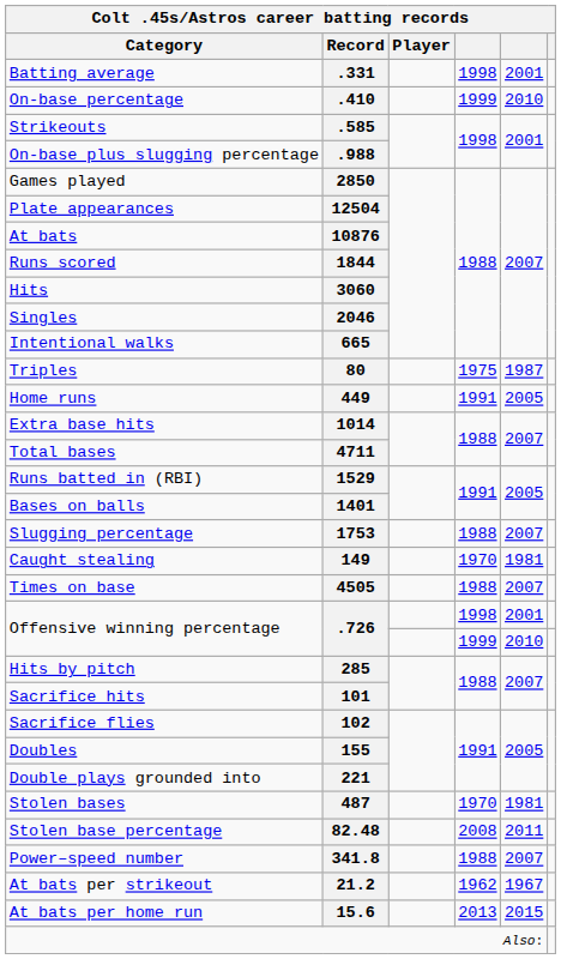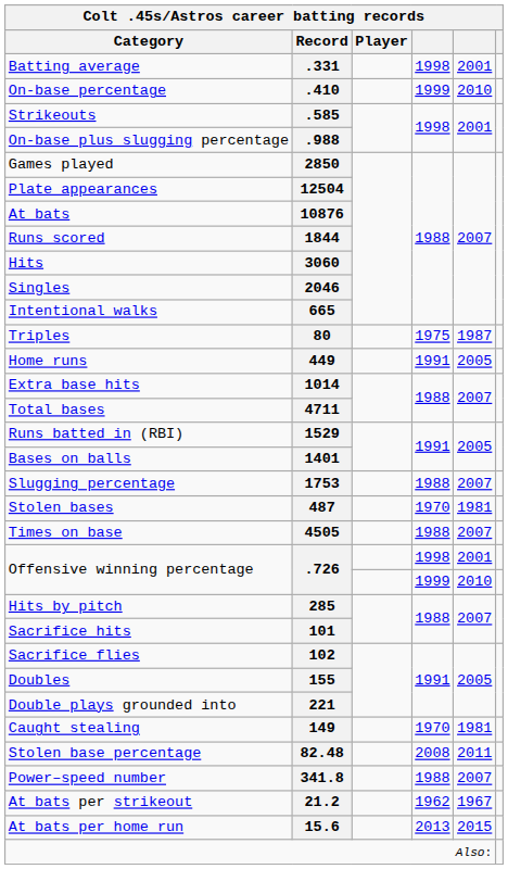 <table class="wikitable sortable" style="font-size: 90%">
 <tr>
 <th colspan=6><strong>Colt .45s/Astros career batting records</strong></th>
 </tr>
 <tr>
 <th>Category</th>
 <th>Record</th>
 <th align="center">Player</th>
 <th align="center"></th>
 <th align="center"></th>
 <th></th>
 </tr>
 <tr>
 <td><a href='#'>Batting average</a></td>
 <th align="center">.331</th>
 <td align="center"></td>
 <td align="center"><a href='#'>1998</a></td>
 <td align="center"><a href='#'>2001</a></td>
 <td align="center"></td>
 </tr>
 <tr>
 <td><a href='#'>On-base percentage</a></td>
 <th align="center">.410</th>
 <td align="center"></td>
 <td align="center"><a href='#'>1999</a></td>
 <td align="center"><a href='#'>2010</a></td>
 <td align="center"></td>
 </tr>
 <tr>
 <td><a href='#'>Strikeouts</a></td>
 <th align="center">.585</th>
 <td rowspan="2" align="center"></td>
 <td rowspan="2" align="center"><a href='#'>1998</a></td>
 <td rowspan="2" align="center"><a href='#'>2001</a></td>
 <td rowspan="2" align="center"></td>
 </tr>
 <tr>
 <td><a href='#'>On-base plus slugging</a> percentage</td>
 <th align="center">.988</th>
 </tr>
 <tr>
 <td>Games played</td>
 <th align="center">2850</th>
 <td rowspan="7" align="center"></td>
 <td rowspan="7" align="center"><a href='#'>1988</a></td>
 <td rowspan="7" align="center"><a href='#'>2007</a></td>
 <td rowspan="7" align="center"></td>
 </tr>
 <tr>
 <td><a href='#'>Plate appearances</a></td>
 <th align="center">12504</th>
 </tr>
 <tr>
 <td><a href='#'>At bats</a></td>
 <th align="center">10876</th>
 </tr>
 <tr>
 <td><a href='#'>Runs scored</a></td>
 <th align="center">1844</th>
 </tr>
 <tr>
 <td><a href='#'>Hits</a></td>
 <th align="center">3060</th>
 </tr>
 <tr>
 <td><a href='#'>Singles</a></td>
 <th align="center">2046</th>
 </tr>
 <tr>
 <td><a href='#'>Intentional walks</a></td>
 <th align="center">665</th>
 </tr>
 <tr>
 <td><a href='#'>Triples</a></td>
 <th align="center">80</th>
 <td align="center"></td>
 <td align="center"><a href='#'>1975</a></td>
 <td align="center"><a href='#'>1987</a></td>
 <td align="center"></td>
 </tr>
 <tr>
 <td><a href='#'>Home runs</a></td>
 <th align="center">449</th>
 <td align="center"></td>
 <td align="center"><a href='#'>1991</a></td>
 <td align="center"><a href='#'>2005</a></td>
 <td align="center"></td>
 </tr>
 <tr>
 <td><a href='#'>Extra base hits</a></td>
 <th align="center">1014</th>
 <td rowspan="2" align="center"></td>
 <td rowspan="2" align="center"><a href='#'>1988</a></td>
 <td rowspan="2" align="center"><a href='#'>2007</a></td>
 <td rowspan="2" align="center"></td>
 </tr>
 <tr>
 <td><a href='#'>Total bases</a></td>
 <th align="center">4711</th>
 </tr>
 <tr>
 <td><a href='#'>Runs batted in</a> (RBI)</td>
 <th align="center">1529</th>
 <td rowspan="2" align="center"></td>
 <td rowspan="2" align="center"><a href='#'>1991</a></td>
 <td rowspan="2" align="center"><a href='#'>2005</a></td>
 <td rowspan="2" align="center"></td>
 </tr>
 <tr>
 <td><a href='#'>Bases on balls</a></td>
 <th align="center">1401</th>
 </tr>
 <tr>
 <td><a href='#'>Slugging percentage</a></td>
 <th align="center">1753</th>
 <td align="center"></td>
 <td align="center"><a href='#'>1988</a></td>
 <td align="center"><a href='#'>2007</a></td>
 <td align="center"></td>
 </tr>
 <tr>
-<td><a href='#'>Caught stealing</a></td>
-<th align="center">149</th>
+<td><a href='#'>Stolen bases</a></td>
+<th align="center">487</th>
 <td align="center"></td>
 <td align="center"><a href='#'>1970</a></td>
 <td align="center"><a href='#'>1981</a></td>
 <td align="center"></td>
 </tr>
 <tr>
 <td><a href='#'>Times on base</a></td>
 <th align="center">4505</th>
 <td align="center"></td>
 <td align="center"><a href='#'>1988</a></td>
 <td align="center"><a href='#'>2007</a></td>
 <td align="center"></td>
 </tr>
 <tr>
 <td rowspan="2">Offensive winning percentage</td>
 <th align="center" rowspan="2">.726</th>
 <td align="center"></td>
 <td align="center"><a href='#'>1998</a></td>
 <td align="center"><a href='#'>2001</a></td>
 <td align="center"></td>
 </tr>
 <tr>
 <td align="center"></td>
 <td align="center"><a href='#'>1999</a></td>
 <td align="center"><a href='#'>2010</a></td>
 <td align="center"></td>
 </tr>
 <tr>
 <td><a href='#'>Hits by pitch</a></td>
 <th align="center">285</th>
 <td rowspan="2" align="center"></td>
 <td rowspan="2" align="center"><a href='#'>1988</a></td>
 <td rowspan="2" align="center"><a href='#'>2007</a></td>
 <td rowspan="2" align="center"></td>
 </tr>
 <tr>
 <td><a href='#'>Sacrifice hits</a></td>
 <th align="center">101</th>
 </tr>
 <tr>
 <td><a href='#'>Sacrifice flies</a></td>
 <th align="center">102</th>
 <td rowspan="3" align="center"></td>
 <td rowspan="3" align="center"><a href='#'>1991</a></td>
 <td rowspan="3" align="center"><a href='#'>2005</a></td>
 <td rowspan="3" align="center"></td>
 </tr>
 <tr>
 <td><a href='#'>Doubles</a></td>
 <th align="center">155</th>
 </tr>
 <tr>
 <td><a href='#'>Double plays</a> grounded into</td>
 <th align="center">221</th>
 </tr>
 <tr>
-<td><a href='#'>Stolen bases</a></td>
-<th align="center">487</th>
+<td><a href='#'>Caught stealing</a></td>
+<th align="center">149</th>
 <td align="center"></td>
 <td align="center"><a href='#'>1970</a></td>
 <td align="center"><a href='#'>1981</a></td>
 <td align="center"></td>
 </tr>
 <tr>
 <td><a href='#'>Stolen base percentage</a></td>
 <th align="center">82.48</th>
 <td align="center"></td>
 <td align="center"><a href='#'>2008</a></td>
 <td align="center"><a href='#'>2011</a></td>
 <td align="center"></td>
 </tr>
 <tr>
 <td><a href='#'>Power–speed number</a></td>
 <th align="center">341.8</th>
 <td align="center"></td>
 <td align="center"><a href='#'>1988</a></td>
 <td align="center"><a href='#'>2007</a></td>
 <td align="center"></td>
 </tr>
 <tr>
 <td><a href='#'>At bats</a> per <a href='#'>strikeout</a></td>
 <th align="center">21.2</th>
 <td align="center"></td>
 <td align="center"><a href='#'>1962</a></td>
 <td align="center"><a href='#'>1967</a></td>
 <td align="center"></td>
 </tr>
 <tr>
 <td><a href='#'>At bats per home run</a></td>
 <th align="center">15.6</th>
 <td align="center"></td>
 <td align="center"><a href='#'>2013</a></td>
 <td align="center"><a href='#'>2015</a></td>
 <td align="center"></td>
 </tr>
 <tr class="sortbottom">
 <td style="text-align:right"; colspan="5"><small><em>Also</em>:</small></td>
 <td align="center"></td>
 </tr>
 <tr>
 </tr>
 </table>
